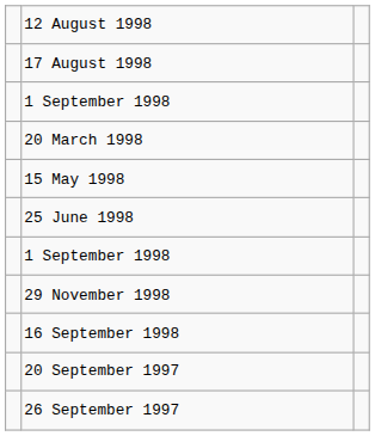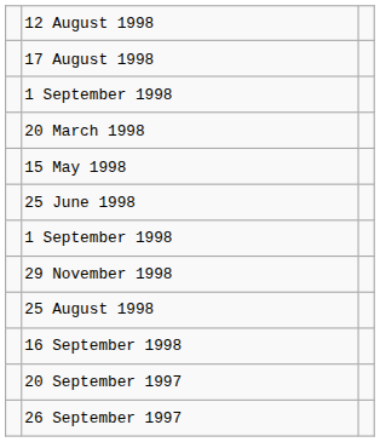 <table class="wikitable" style="font-size: 89%; float: left; width: 24em; margin-right: 1em; line-height: 1.65em !important; height: 324px;">
 <tr>
 <td></td>
 <td>12 August 1998</td>
 <td></td>
 </tr>
 <tr>
 <td></td>
 <td>17 August 1998</td>
 <td></td>
 </tr>
 <tr>
 <td></td>
 <td>1 September 1998</td>
 <td></td>
 </tr>
 <tr>
 <td></td>
 <td>20 March 1998</td>
 <td></td>
 </tr>
 <tr>
 <td></td>
 <td>15 May 1998</td>
 <td></td>
 </tr>
 <tr>
 <td></td>
 <td>25 June 1998</td>
 <td></td>
 </tr>
 <tr>
 <td></td>
 <td>1 September 1998</td>
 <td></td>
 </tr>
 <tr>
 <td></td>
 <td>29 November 1998</td>
 <td></td>
 </tr>
 <tr>
 <td></td>
+<td>25 August 1998</td>
+<td></td>
+</tr>
+<tr>
+<td></td>
 <td>16 September 1998</td>
 <td></td>
 </tr>
 <tr>
 <td></td>
 <td>20 September 1997</td>
 <td></td>
 </tr>
 <tr>
 <td></td>
 <td>26 September 1997</td>
 <td></td>
 </tr>
 </table>
